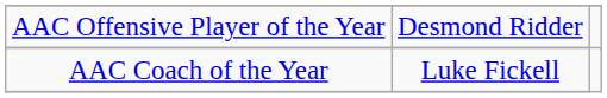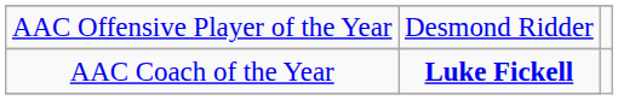 <table class="wikitable sortable sortable" style="text-align: center">
 <tr align=center>
 </tr>
 <tr>
 <td><a href='#'>AAC Offensive Player of the Year</a></td>
 <td><a href='#'>Desmond Ridder</a></td>
 <td rowspan="2"></td>
 </tr>
 <tr>
 </tr>
 <tr>
 <td><a href='#'>AAC Coach of the Year</a></td>
-<td><a href='#'>Luke Fickell</a></td>
+<td><strong><a href='#'>Luke Fickell</a></strong></td>
 </tr>
 <tr>
 </tr>
 </table>
